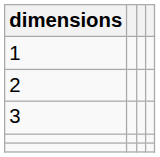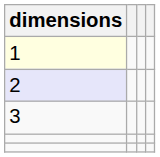 <table class="wikitable">
 <tr>
 <th>dimensions</th>
 <th></th>
 <th></th>
 <th></th>
 </tr>
 <tr>
-<td>1</td>
+<td style="background: lightyellow;">1</td>
 <td></td>
 <td></td>
 <td></td>
 </tr>
 <tr>
-<td>2</td>
+<td style="background: lavender;">2</td>
 <td></td>
 <td></td>
 <td></td>
 </tr>
 <tr>
 <td>3</td>
 <td></td>
 <td></td>
 <td></td>
 </tr>
 <tr>
 <td></td>
 <td></td>
 <td></td>
 <td></td>
 </tr>
 <tr>
 <td></td>
 <td></td>
 <td></td>
 <td></td>
 </tr>
 </table>
